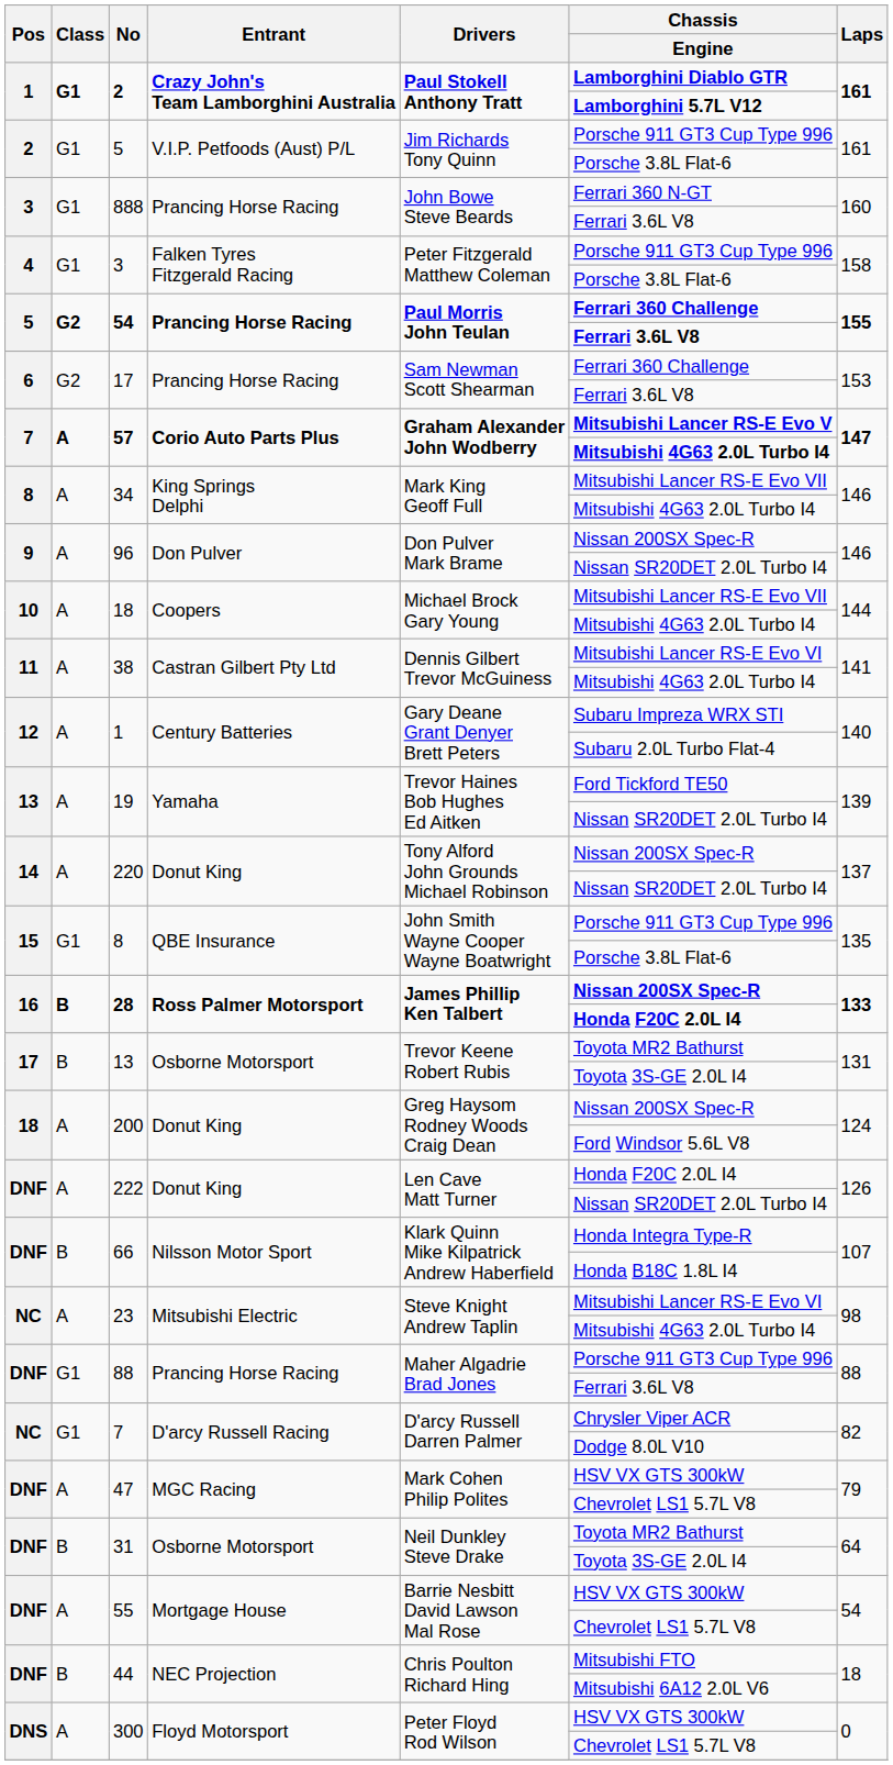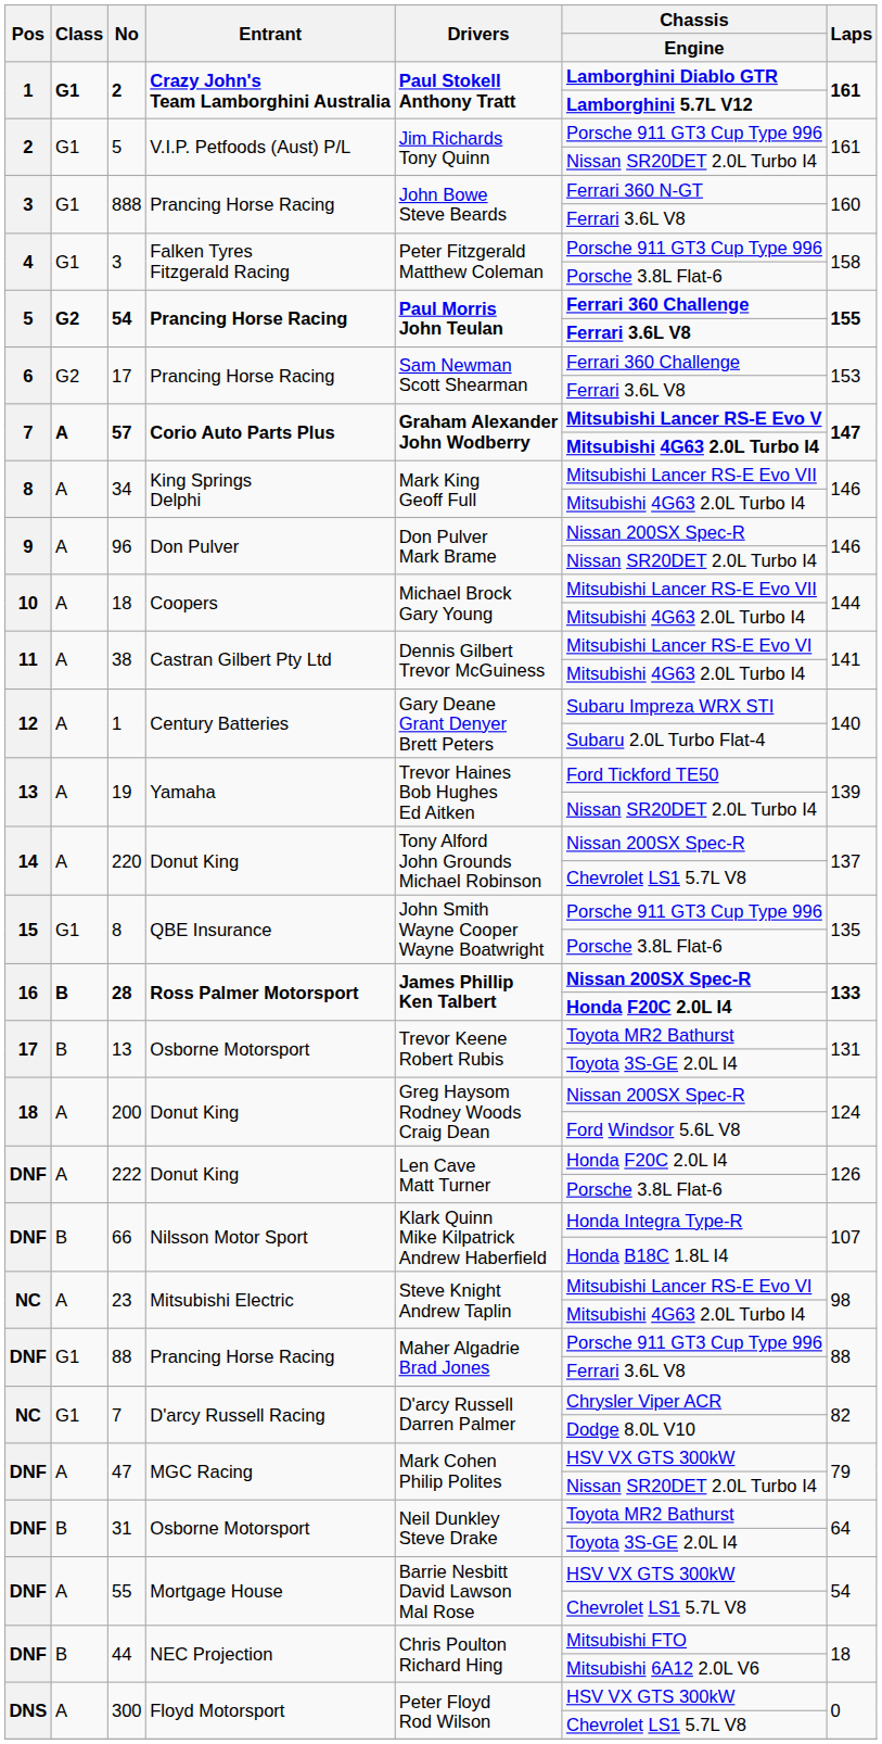 <table class="wikitable" style="font-size: 95%;">
 <tr>
 <th rowspan=2>Pos</th>
 <th rowspan=2>Class</th>
 <th rowspan=2>No</th>
 <th rowspan=2>Entrant</th>
 <th rowspan=2>Drivers</th>
 <th>Chassis</th>
 <th rowspan=2>Laps</th>
 </tr>
 <tr>
 <th>Engine</th>
 </tr>
 <tr style="font-weight:bold">
 <th rowspan=2>1</th>
 <td rowspan=2>G1</td>
 <td rowspan=2>2</td>
 <td rowspan=2><a href='#'>Crazy John's</a><br>Team Lamborghini Australia</td>
 <td rowspan=2> <a href='#'>Paul Stokell</a><br> Anthony Tratt</td>
 <td><a href='#'>Lamborghini Diablo GTR</a></td>
 <td rowspan=2>161</td>
 </tr>
 <tr style="font-weight:bold">
 <td><a href='#'>Lamborghini</a> 5.7L V12</td>
 </tr>
 <tr>
 <th rowspan=2>2</th>
 <td rowspan=2>G1</td>
 <td rowspan=2>5</td>
 <td rowspan=2>V.I.P. Petfoods (Aust) P/L</td>
 <td rowspan=2> <a href='#'>Jim Richards</a><br> Tony Quinn</td>
 <td><a href='#'>Porsche 911 GT3 Cup Type 996</a></td>
 <td rowspan=2>161</td>
 </tr>
 <tr>
-<td><a href='#'>Porsche</a> 3.8L Flat-6</td>
+<td><a href='#'>Nissan</a> <a href='#'>SR20DET</a> 2.0L Turbo I4</td>
 </tr>
 <tr>
 <th rowspan=2>3</th>
 <td rowspan=2>G1</td>
 <td rowspan=2>888</td>
 <td rowspan=2>Prancing Horse Racing</td>
 <td rowspan=2> <a href='#'>John Bowe</a><br> Steve Beards</td>
 <td><a href='#'>Ferrari 360 N-GT</a></td>
 <td rowspan=2>160</td>
 </tr>
 <tr>
 <td><a href='#'>Ferrari</a> 3.6L V8</td>
 </tr>
 <tr>
 <th rowspan=2>4</th>
 <td rowspan=2>G1</td>
 <td rowspan=2>3</td>
 <td rowspan=2>Falken Tyres<br>Fitzgerald Racing</td>
 <td rowspan=2> Peter Fitzgerald<br> Matthew Coleman</td>
 <td><a href='#'>Porsche 911 GT3 Cup Type 996</a></td>
 <td rowspan=2>158</td>
 </tr>
 <tr>
 <td><a href='#'>Porsche</a> 3.8L Flat-6</td>
 </tr>
 <tr style="font-weight:bold">
 <th rowspan=2>5</th>
 <td rowspan=2>G2</td>
 <td rowspan=2>54</td>
 <td rowspan=2>Prancing Horse Racing</td>
 <td rowspan=2> <a href='#'>Paul Morris</a><br> John Teulan</td>
 <td><a href='#'>Ferrari 360 Challenge</a></td>
 <td rowspan=2>155</td>
 </tr>
 <tr style="font-weight:bold">
 <td><a href='#'>Ferrari</a> 3.6L V8</td>
 </tr>
 <tr>
 <th rowspan=2>6</th>
 <td rowspan=2>G2</td>
 <td rowspan=2>17</td>
 <td rowspan=2>Prancing Horse Racing</td>
 <td rowspan=2> <a href='#'>Sam Newman</a><br> Scott Shearman</td>
 <td><a href='#'>Ferrari 360 Challenge</a></td>
 <td rowspan=2>153</td>
 </tr>
 <tr>
 <td><a href='#'>Ferrari</a> 3.6L V8</td>
 </tr>
 <tr style="font-weight:bold">
 <th rowspan=2>7</th>
 <td rowspan=2>A</td>
 <td rowspan=2>57</td>
 <td rowspan=2>Corio Auto Parts Plus</td>
 <td rowspan=2> Graham Alexander<br> John Wodberry</td>
 <td><a href='#'>Mitsubishi Lancer RS-E Evo V</a></td>
 <td rowspan=2>147</td>
 </tr>
 <tr style="font-weight:bold">
 <td><a href='#'>Mitsubishi</a> <a href='#'>4G63</a> 2.0L Turbo I4</td>
 </tr>
 <tr>
 <th rowspan=2>8</th>
 <td rowspan=2>A</td>
 <td rowspan=2>34</td>
 <td rowspan=2>King Springs<br>Delphi</td>
 <td rowspan=2> Mark King<br> Geoff Full</td>
 <td><a href='#'>Mitsubishi Lancer RS-E Evo VII</a></td>
 <td rowspan=2>146</td>
 </tr>
 <tr>
 <td><a href='#'>Mitsubishi</a> <a href='#'>4G63</a> 2.0L Turbo I4</td>
 </tr>
 <tr>
 <th rowspan=2>9</th>
 <td rowspan=2>A</td>
 <td rowspan=2>96</td>
 <td rowspan=2>Don Pulver</td>
 <td rowspan=2> Don Pulver<br> Mark Brame</td>
 <td><a href='#'>Nissan 200SX Spec-R</a></td>
 <td rowspan=2>146</td>
 </tr>
 <tr>
 <td><a href='#'>Nissan</a> <a href='#'>SR20DET</a> 2.0L Turbo I4</td>
 </tr>
 <tr>
 <th rowspan=2>10</th>
 <td rowspan=2>A</td>
 <td rowspan=2>18</td>
 <td rowspan=2>Coopers</td>
 <td rowspan=2> Michael Brock<br> Gary Young</td>
 <td><a href='#'>Mitsubishi Lancer RS-E Evo VII</a></td>
 <td rowspan=2>144</td>
 </tr>
 <tr>
 <td><a href='#'>Mitsubishi</a> <a href='#'>4G63</a> 2.0L Turbo I4</td>
 </tr>
 <tr>
 <th rowspan=2>11</th>
 <td rowspan=2>A</td>
 <td rowspan=2>38</td>
 <td rowspan=2>Castran Gilbert Pty Ltd</td>
 <td rowspan=2> Dennis Gilbert<br> Trevor McGuiness</td>
 <td><a href='#'>Mitsubishi Lancer RS-E Evo VI</a></td>
 <td rowspan=2>141</td>
 </tr>
 <tr>
 <td><a href='#'>Mitsubishi</a> <a href='#'>4G63</a> 2.0L Turbo I4</td>
 </tr>
 <tr>
 <th rowspan=2>12</th>
 <td rowspan=2>A</td>
 <td rowspan=2>1</td>
 <td rowspan=2>Century Batteries</td>
 <td rowspan=2> Gary Deane<br> <a href='#'>Grant Denyer</a><br> Brett Peters</td>
 <td><a href='#'>Subaru Impreza WRX STI</a></td>
 <td rowspan=2>140</td>
 </tr>
 <tr>
 <td><a href='#'>Subaru</a> 2.0L Turbo Flat-4</td>
 </tr>
 <tr>
 <th rowspan=2>13</th>
 <td rowspan=2>A</td>
 <td rowspan=2>19</td>
 <td rowspan=2>Yamaha</td>
 <td rowspan=2> Trevor Haines<br> Bob Hughes<br> Ed Aitken</td>
 <td><a href='#'>Ford Tickford TE50</a></td>
 <td rowspan=2>139</td>
 </tr>
 <tr>
 <td><a href='#'>Nissan</a> <a href='#'>SR20DET</a> 2.0L Turbo I4</td>
 </tr>
 <tr>
 <th rowspan=2>14</th>
 <td rowspan=2>A</td>
 <td rowspan=2>220</td>
 <td rowspan=2>Donut King</td>
 <td rowspan=2> Tony Alford<br> John Grounds<br> Michael Robinson</td>
 <td><a href='#'>Nissan 200SX Spec-R</a></td>
 <td rowspan=2>137</td>
 </tr>
 <tr>
-<td><a href='#'>Nissan</a> <a href='#'>SR20DET</a> 2.0L Turbo I4</td>
+<td><a href='#'>Chevrolet</a> <a href='#'>LS1</a> 5.7L V8</td>
 </tr>
 <tr>
 <th rowspan=2>15</th>
 <td rowspan=2>G1</td>
 <td rowspan=2>8</td>
 <td rowspan=2>QBE Insurance</td>
 <td rowspan=2> John Smith<br> Wayne Cooper<br> Wayne Boatwright</td>
 <td><a href='#'>Porsche 911 GT3 Cup Type 996</a></td>
 <td rowspan=2>135</td>
 </tr>
 <tr>
 <td><a href='#'>Porsche</a> 3.8L Flat-6</td>
 </tr>
 <tr style="font-weight:bold">
 <th rowspan=2>16</th>
 <td rowspan=2>B</td>
 <td rowspan=2>28</td>
 <td rowspan=2>Ross Palmer Motorsport</td>
 <td rowspan=2> James Phillip<br> Ken Talbert</td>
 <td><a href='#'>Nissan 200SX Spec-R</a></td>
 <td rowspan=2>133</td>
 </tr>
 <tr style="font-weight:bold">
 <td><a href='#'>Honda</a> <a href='#'>F20C</a> 2.0L I4</td>
 </tr>
 <tr>
 <th rowspan=2>17</th>
 <td rowspan=2>B</td>
 <td rowspan=2>13</td>
 <td rowspan=2>Osborne Motorsport</td>
 <td rowspan=2> Trevor Keene<br> Robert Rubis</td>
 <td><a href='#'>Toyota MR2 Bathurst</a></td>
 <td rowspan=2>131</td>
 </tr>
 <tr>
 <td><a href='#'>Toyota</a> <a href='#'>3S-GE</a> 2.0L I4</td>
 </tr>
 <tr>
 <th rowspan=2>18</th>
 <td rowspan=2>A</td>
 <td rowspan=2>200</td>
 <td rowspan=2>Donut King</td>
 <td rowspan=2> Greg Haysom<br> Rodney Woods<br> Craig Dean</td>
 <td><a href='#'>Nissan 200SX Spec-R</a></td>
 <td rowspan=2>124</td>
 </tr>
 <tr>
 <td><a href='#'>Ford</a> <a href='#'>Windsor</a> 5.6L V8</td>
 </tr>
 <tr>
 <th rowspan=2>DNF</th>
 <td rowspan=2>A</td>
 <td rowspan=2>222</td>
 <td rowspan=2>Donut King</td>
 <td rowspan=2> Len Cave<br> Matt Turner</td>
 <td><a href='#'>Honda</a> <a href='#'>F20C</a> 2.0L I4</td>
 <td rowspan=2>126</td>
 </tr>
 <tr>
-<td><a href='#'>Nissan</a> <a href='#'>SR20DET</a> 2.0L Turbo I4</td>
+<td><a href='#'>Porsche</a> 3.8L Flat-6</td>
 </tr>
 <tr>
 <th rowspan=2>DNF</th>
 <td rowspan=2>B</td>
 <td rowspan=2>66</td>
 <td rowspan=2>Nilsson Motor Sport</td>
 <td rowspan=2> Klark Quinn<br> Mike Kilpatrick<br> Andrew Haberfield</td>
 <td><a href='#'>Honda Integra Type-R</a></td>
 <td rowspan=2>107</td>
 </tr>
 <tr>
 <td><a href='#'>Honda</a> <a href='#'>B18C</a> 1.8L I4</td>
 </tr>
 <tr>
 <th rowspan=2>NC</th>
 <td rowspan=2>A</td>
 <td rowspan=2>23</td>
 <td rowspan=2>Mitsubishi Electric</td>
 <td rowspan=2> Steve Knight<br> Andrew Taplin</td>
 <td><a href='#'>Mitsubishi Lancer RS-E Evo VI</a></td>
 <td rowspan=2>98</td>
 </tr>
 <tr>
 <td><a href='#'>Mitsubishi</a> <a href='#'>4G63</a> 2.0L Turbo I4</td>
 </tr>
 <tr>
 <th rowspan=2>DNF</th>
 <td rowspan=2>G1</td>
 <td rowspan=2>88</td>
 <td rowspan=2>Prancing Horse Racing</td>
 <td rowspan=2> Maher Algadrie<br> <a href='#'>Brad Jones</a></td>
 <td><a href='#'>Porsche 911 GT3 Cup Type 996</a></td>
 <td rowspan=2>88</td>
 </tr>
 <tr>
 <td><a href='#'>Ferrari</a> 3.6L V8</td>
 </tr>
 <tr>
 <th rowspan=2>NC</th>
 <td rowspan=2>G1</td>
 <td rowspan=2>7</td>
 <td rowspan=2>D'arcy Russell Racing</td>
 <td rowspan=2> D'arcy Russell<br> Darren Palmer</td>
 <td><a href='#'>Chrysler Viper ACR</a></td>
 <td rowspan=2>82</td>
 </tr>
 <tr>
 <td><a href='#'>Dodge</a> 8.0L V10</td>
 </tr>
 <tr>
 <th rowspan=2>DNF</th>
 <td rowspan=2>A</td>
 <td rowspan=2>47</td>
 <td rowspan=2>MGC Racing</td>
 <td rowspan=2> Mark Cohen<br> Philip Polites</td>
 <td><a href='#'>HSV VX GTS 300kW</a></td>
 <td rowspan=2>79</td>
 </tr>
 <tr>
-<td><a href='#'>Chevrolet</a> <a href='#'>LS1</a> 5.7L V8</td>
+<td><a href='#'>Nissan</a> <a href='#'>SR20DET</a> 2.0L Turbo I4</td>
 </tr>
 <tr>
 <th rowspan=2>DNF</th>
 <td rowspan=2>B</td>
 <td rowspan=2>31</td>
 <td rowspan=2>Osborne Motorsport</td>
 <td rowspan=2> Neil Dunkley<br> Steve Drake</td>
 <td><a href='#'>Toyota MR2 Bathurst</a></td>
 <td rowspan=2>64</td>
 </tr>
 <tr>
 <td><a href='#'>Toyota</a> <a href='#'>3S-GE</a> 2.0L I4</td>
 </tr>
 <tr>
 <th rowspan=2>DNF</th>
 <td rowspan=2>A</td>
 <td rowspan=2>55</td>
 <td rowspan=2>Mortgage House</td>
 <td rowspan=2> Barrie Nesbitt<br> David Lawson<br> Mal Rose</td>
 <td><a href='#'>HSV VX GTS 300kW</a></td>
 <td rowspan=2>54</td>
 </tr>
 <tr>
 <td><a href='#'>Chevrolet</a> <a href='#'>LS1</a> 5.7L V8</td>
 </tr>
 <tr>
 <th rowspan=2>DNF</th>
 <td rowspan=2>B</td>
 <td rowspan=2>44</td>
 <td rowspan=2>NEC Projection</td>
 <td rowspan=2> Chris Poulton<br> Richard Hing</td>
 <td><a href='#'>Mitsubishi FTO</a></td>
 <td rowspan=2>18</td>
 </tr>
 <tr>
 <td><a href='#'>Mitsubishi</a> <a href='#'>6A12</a> 2.0L V6</td>
 </tr>
 <tr>
 <th rowspan=2>DNS</th>
 <td rowspan=2>A</td>
 <td rowspan=2>300</td>
 <td rowspan=2>Floyd Motorsport</td>
 <td rowspan=2> Peter Floyd<br> Rod Wilson</td>
 <td><a href='#'>HSV VX GTS 300kW</a></td>
 <td rowspan=2>0</td>
 </tr>
 <tr>
 <td><a href='#'>Chevrolet</a> <a href='#'>LS1</a> 5.7L V8</td>
 </tr>
 <tr>
 </tr>
 </table>
